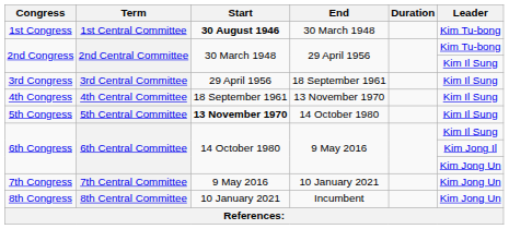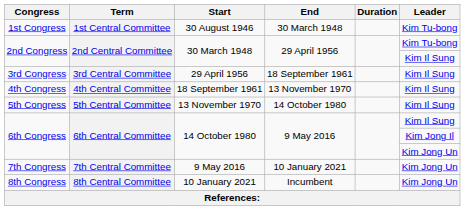 <table class="wikitable sortable" style=text-align:center>
 <tr>
 <th scope=col>Congress</th>
 <th scope=col>Term</th>
 <th scope=col>Start</th>
 <th scope=col>End</th>
 <th scope=col>Duration</th>
 <th scope=col>Leader</th>
 </tr>
 <tr>
 <td><a href='#'>1st Congress</a></td>
 <th scope="row" style="font-weight:normal;"><a href='#'>1st Central Committee</a></th>
-<td><strong>30 August 1946</strong></td>
+<td>30 August 1946</td>
 <td>30 March 1948</td>
 <td></td>
 <td><a href='#'>Kim Tu-bong</a></td>
 </tr>
 <tr>
 <td rowspan="2"><a href='#'>2nd Congress</a></td>
 <th rowspan="2" scope="row" style="font-weight:normal;"><a href='#'>2nd Central Committee</a></th>
 <td rowspan="2">30 March 1948</td>
 <td rowspan="2">29 April 1956</td>
 <td rowspan="2"></td>
 <td><a href='#'>Kim Tu-bong</a></td>
 </tr>
 <tr>
 <td><a href='#'>Kim Il Sung</a></td>
 </tr>
 <tr>
 <td><a href='#'>3rd Congress</a></td>
 <th align="center" scope="row" style="font-weight:normal;"><a href='#'>3rd Central Committee</a></th>
 <td>29 April 1956</td>
 <td>18 September 1961</td>
 <td></td>
 <td><a href='#'>Kim Il Sung</a></td>
 </tr>
 <tr>
 <td><a href='#'>4th Congress</a></td>
 <th scope="row" style="font-weight:normal;"><a href='#'>4th Central Committee</a></th>
 <td>18 September 1961</td>
 <td>13 November 1970</td>
 <td></td>
 <td><a href='#'>Kim Il Sung</a></td>
 </tr>
 <tr>
 <td><a href='#'>5th Congress</a></td>
 <th scope="row" style="font-weight:normal;"><a href='#'>5th Central Committee</a></th>
-<td><strong>13 November 1970</strong></td>
+<td>13 November 1970</td>
 <td>14 October 1980</td>
 <td></td>
 <td><a href='#'>Kim Il Sung</a></td>
 </tr>
 <tr>
 <td rowspan="3"><a href='#'>6th Congress</a></td>
 <th rowspan="3" scope="row" style="font-weight:normal;"><a href='#'>6th Central Committee</a></th>
 <td rowspan="3">14 October 1980</td>
 <td rowspan="3">9 May 2016</td>
 <td rowspan="3"></td>
 <td><a href='#'>Kim Il Sung</a></td>
 </tr>
 <tr>
 <td><a href='#'>Kim Jong Il</a></td>
 </tr>
 <tr>
 <td><a href='#'>Kim Jong Un</a></td>
 </tr>
 <tr>
 <td><a href='#'>7th Congress</a></td>
 <th scope="row" style="font-weight:normal;"><a href='#'>7th Central Committee</a></th>
 <td>9 May 2016</td>
 <td>10 January 2021</td>
 <td></td>
 <td><a href='#'>Kim Jong Un</a></td>
 </tr>
 <tr>
 <td><a href='#'>8th Congress</a></td>
 <th scope="row" style="font-weight:normal;"><a href='#'>8th Central Committee</a></th>
 <td>10 January 2021</td>
 <td>Incumbent</td>
 <td></td>
 <td><a href='#'>Kim Jong Un</a></td>
 </tr>
 <tr>
 <th colspan="6" unsortable>References:<br></th>
 </tr>
 </table>
